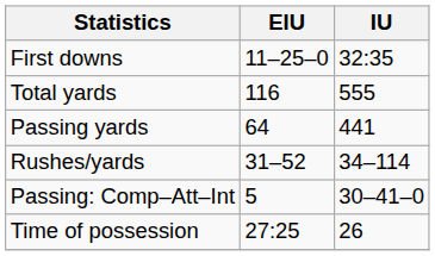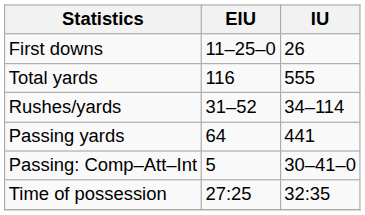 <table class="wikitable" style="float: left;">
 <tr>
 <th>Statistics</th>
 <th>EIU</th>
 <th>IU</th>
 </tr>
 <tr>
 <td>First downs</td>
 <td>11–25–0</td>
-<td>32:35</td>
+<td>26</td>
 </tr>
 <tr>
 <td>Total yards</td>
 <td>116</td>
 <td>555</td>
 </tr>
 <tr>
+<td>Rushes/yards</td>
+<td>31–52</td>
+<td>34–114</td>
+</tr>
+<tr>
 <td>Passing yards</td>
 <td>64</td>
 <td>441</td>
-</tr>
-<tr>
-<td>Rushes/yards</td>
-<td>31–52</td>
-<td>34–114</td>
 </tr>
 <tr>
 <td>Passing: Comp–Att–Int</td>
 <td>5</td>
 <td>30–41–0</td>
 </tr>
 <tr>
 <td>Time of possession</td>
 <td>27:25</td>
-<td>26</td>
+<td>32:35</td>
 </tr>
 <tr>
 </tr>
 </table>
